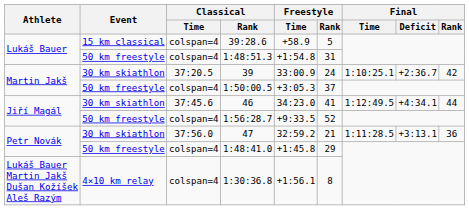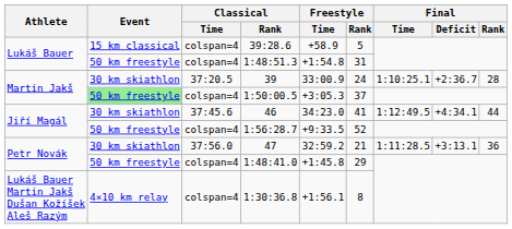 <table class="wikitable" style="font-size:90%">
 <tr>
 <th rowspan=2>Athlete</th>
 <th rowspan=2>Event</th>
 <th colspan=2>Classical</th>
 <th colspan=2>Freestyle</th>
 <th colspan=3>Final</th>
 </tr>
 <tr style="font-size: 95%">
 <th>Time</th>
 <th>Rank</th>
 <th>Time</th>
 <th>Rank</th>
 <th>Time</th>
 <th>Deficit</th>
 <th>Rank</th>
 </tr>
 <tr align=center>
 <td align=left rowspan=2><a href='#'>Lukáš Bauer</a></td>
 <td align=left><a href='#'>15 km classical</a></td>
 <td>colspan=4 </td>
 <td>39:28.6</td>
 <td>+58.9</td>
 <td>5</td>
 </tr>
 <tr align=center>
 <td align=left><a href='#'>50 km freestyle</a></td>
 <td>colspan=4 </td>
 <td>1:48:51.3</td>
 <td>+1:54.8</td>
 <td>31</td>
 </tr>
 <tr align=center>
 <td align=left rowspan=2><a href='#'>Martin Jakš</a></td>
 <td align=left><a href='#'>30 km skiathlon</a></td>
 <td>37:20.5</td>
 <td>39</td>
 <td>33:00.9</td>
 <td>24</td>
 <td>1:10:25.1</td>
 <td>+2:36.7</td>
-<td>42</td>
+<td>28</td>
 </tr>
 <tr align=center>
-<td align=left><a href='#'>50 km freestyle</a></td>
+<td align=left style="background: lightgreen;"><a href='#'>50 km freestyle</a></td>
 <td>colspan=4 </td>
 <td>1:50:00.5</td>
 <td>+3:05.3</td>
 <td>37</td>
 </tr>
 <tr align=center>
 <td align=left rowspan=2><a href='#'>Jiří Magál</a></td>
 <td align=left><a href='#'>30 km skiathlon</a></td>
 <td>37:45.6</td>
 <td>46</td>
 <td>34:23.0</td>
 <td>41</td>
 <td>1:12:49.5</td>
 <td>+4:34.1</td>
 <td>44</td>
 </tr>
 <tr align=center>
 <td align=left><a href='#'>50 km freestyle</a></td>
 <td>colspan=4 </td>
 <td>1:56:28.7</td>
 <td>+9:33.5</td>
 <td>52</td>
 </tr>
 <tr align=center>
 <td align=left rowspan=2><a href='#'>Petr Novák</a></td>
 <td align=left><a href='#'>30 km skiathlon</a></td>
 <td>37:56.0</td>
 <td>47</td>
 <td>32:59.2</td>
 <td>21</td>
 <td>1:11:28.5</td>
 <td>+3:13.1</td>
 <td>36</td>
 </tr>
 <tr align=center>
 <td align=left><a href='#'>50 km freestyle</a></td>
 <td>colspan=4 </td>
 <td>1:48:41.0</td>
 <td>+1:45.8</td>
 <td>29</td>
 </tr>
 <tr align=center>
 <td align=left><a href='#'>Lukáš Bauer</a><br><a href='#'>Martin Jakš</a><br><a href='#'>Dušan Kožíšek</a><br><a href='#'>Aleš Razým</a></td>
 <td align=left><a href='#'>4×10 km relay</a></td>
 <td>colspan=4 </td>
 <td>1:30:36.8</td>
 <td>+1:56.1</td>
 <td>8</td>
 </tr>
 </table>
